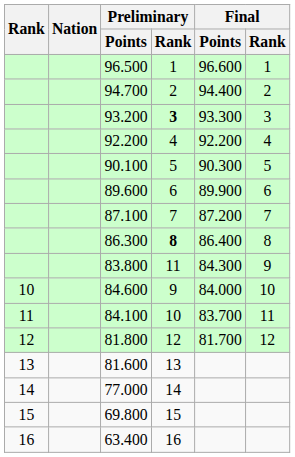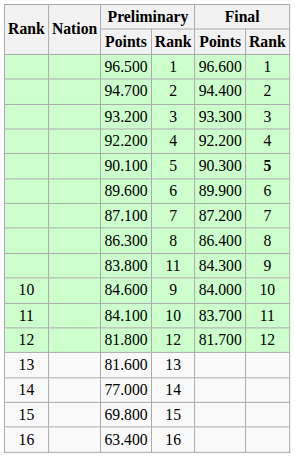 <table class="wikitable sortable" style="text-align:center">
 <tr>
 <th rowspan="2">Rank</th>
 <th rowspan="2">Nation</th>
 <th colspan="2">Preliminary</th>
 <th colspan="2">Final</th>
 </tr>
 <tr>
 <th>Points</th>
 <th>Rank</th>
 <th>Points</th>
 <th>Rank</th>
 </tr>
 <tr bgcolor=ccffcc>
 <td></td>
 <td align=left></td>
 <td>96.500</td>
 <td>1</td>
 <td>96.600</td>
 <td>1</td>
 </tr>
 <tr bgcolor=ccffcc>
 <td></td>
 <td align=left></td>
 <td>94.700</td>
 <td>2</td>
 <td>94.400</td>
 <td>2</td>
 </tr>
 <tr bgcolor=ccffcc>
 <td></td>
 <td align=left></td>
 <td>93.200</td>
-<td><strong>3</strong></td>
+<td>3</td>
 <td>93.300</td>
 <td>3</td>
 </tr>
 <tr bgcolor=ccffcc>
 <td></td>
 <td align=left></td>
 <td>92.200</td>
 <td>4</td>
 <td>92.200</td>
 <td>4</td>
 </tr>
 <tr bgcolor=ccffcc>
 <td></td>
 <td align=left></td>
 <td>90.100</td>
 <td>5</td>
 <td>90.300</td>
-<td>5</td>
+<td><strong>5</strong></td>
 </tr>
 <tr bgcolor=ccffcc>
 <td></td>
 <td align=left></td>
 <td>89.600</td>
 <td>6</td>
 <td>89.900</td>
 <td>6</td>
 </tr>
 <tr bgcolor=ccffcc>
 <td></td>
 <td align=left></td>
 <td>87.100</td>
 <td>7</td>
 <td>87.200</td>
 <td>7</td>
 </tr>
 <tr bgcolor=ccffcc>
 <td></td>
 <td align=left></td>
 <td>86.300</td>
-<td><strong>8</strong></td>
+<td>8</td>
 <td>86.400</td>
 <td>8</td>
 </tr>
 <tr bgcolor=ccffcc>
 <td></td>
 <td align=left></td>
 <td>83.800</td>
 <td>11</td>
 <td>84.300</td>
 <td>9</td>
 </tr>
 <tr bgcolor=ccffcc>
 <td>10</td>
 <td align=left></td>
 <td>84.600</td>
 <td>9</td>
 <td>84.000</td>
 <td>10</td>
 </tr>
 <tr bgcolor=ccffcc>
 <td>11</td>
 <td align=left></td>
 <td>84.100</td>
 <td>10</td>
 <td>83.700</td>
 <td>11</td>
 </tr>
 <tr bgcolor=ccffcc>
 <td>12</td>
 <td align=left></td>
 <td>81.800</td>
 <td>12</td>
 <td>81.700</td>
 <td>12</td>
 </tr>
 <tr>
 <td>13</td>
 <td align=left></td>
 <td>81.600</td>
 <td>13</td>
 <td></td>
 <td></td>
 </tr>
 <tr>
 <td>14</td>
 <td align=left></td>
 <td>77.000</td>
 <td>14</td>
 <td></td>
 <td></td>
 </tr>
 <tr>
 <td>15</td>
 <td align=left></td>
 <td>69.800</td>
 <td>15</td>
 <td></td>
 <td></td>
 </tr>
 <tr>
 <td>16</td>
 <td align=left></td>
 <td>63.400</td>
 <td>16</td>
 <td></td>
 <td></td>
 </tr>
 </table>
